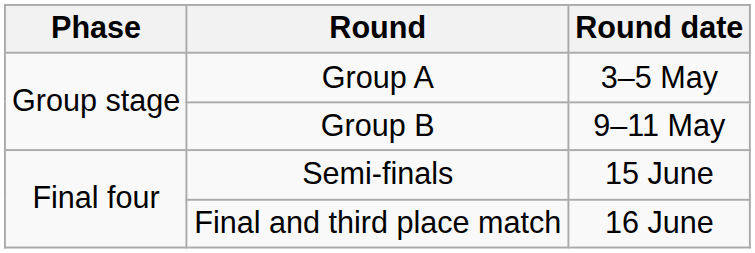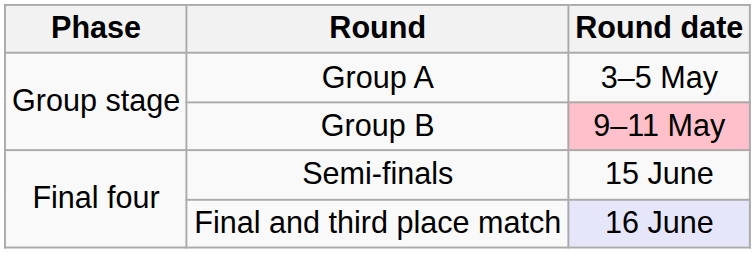 <table class="wikitable" style="text-align:center">
 <tr>
 <th>Phase</th>
 <th>Round</th>
 <th>Round date</th>
 </tr>
 <tr>
 <td rowspan=2>Group stage</td>
 <td>Group A</td>
 <td>3–5 May</td>
 </tr>
 <tr>
 <td>Group B</td>
-<td>9–11 May</td>
+<td style="background: pink;">9–11 May</td>
 </tr>
 <tr>
 <td rowspan=2>Final four</td>
 <td>Semi-finals</td>
 <td>15 June</td>
 </tr>
 <tr>
 <td>Final and third place match</td>
-<td>16 June</td>
+<td style="background: lavender;">16 June</td>
 </tr>
 </table>
